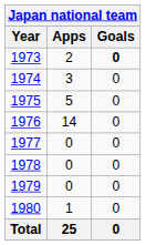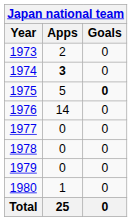 <table class="wikitable" style="text-align:center">
 <tr>
 <th colspan=3><a href='#'>Japan national team</a></th>
 </tr>
 <tr>
 <th>Year</th>
 <th>Apps</th>
 <th>Goals</th>
 </tr>
 <tr>
 <td><a href='#'>1973</a></td>
 <td>2</td>
-<td><strong>0</strong></td>
+<td>0</td>
 </tr>
 <tr>
 <td><a href='#'>1974</a></td>
-<td>3</td>
+<td><strong>3</strong></td>
 <td>0</td>
 </tr>
 <tr>
 <td><a href='#'>1975</a></td>
 <td>5</td>
-<td>0</td>
+<td><strong>0</strong></td>
 </tr>
 <tr>
 <td><a href='#'>1976</a></td>
 <td>14</td>
 <td>0</td>
 </tr>
 <tr>
 <td><a href='#'>1977</a></td>
 <td>0</td>
 <td>0</td>
 </tr>
 <tr>
 <td><a href='#'>1978</a></td>
 <td>0</td>
 <td>0</td>
 </tr>
 <tr>
 <td><a href='#'>1979</a></td>
 <td>0</td>
 <td>0</td>
 </tr>
 <tr>
 <td><a href='#'>1980</a></td>
 <td>1</td>
 <td>0</td>
 </tr>
 <tr>
 <th>Total</th>
 <th>25</th>
 <th>0</th>
 </tr>
 </table>
